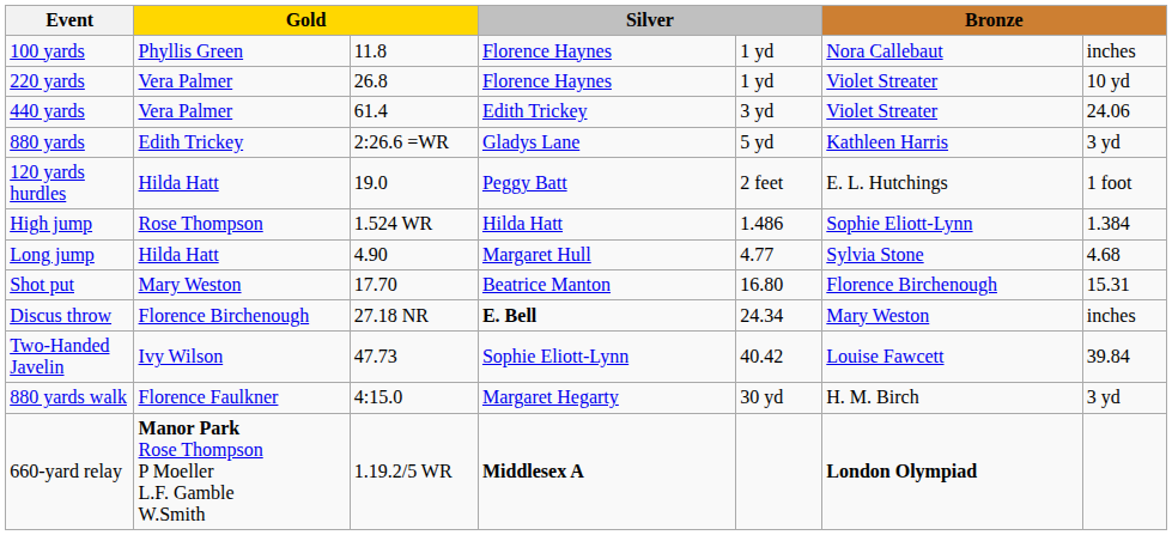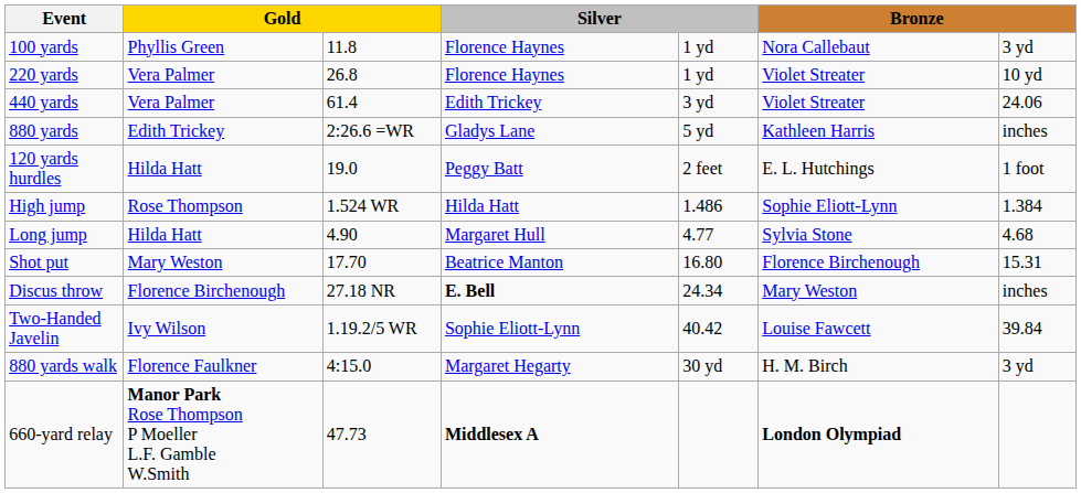 <table class="wikitable" style="text-align:left">
 <tr>
 <th width=100>Event</th>
 <th colspan="2" width="280" style="background:gold;">Gold</th>
 <th colspan="2" width="280" style="background:silver;">Silver</th>
 <th colspan="2" width="280" style="background:#CD7F32;">Bronze</th>
 </tr>
 <tr>
 <td><a href='#'>100 yards</a></td>
 <td><a href='#'>Phyllis Green</a></td>
 <td>11.8</td>
 <td><a href='#'>Florence Haynes</a></td>
 <td>1 yd</td>
 <td><a href='#'>Nora Callebaut</a></td>
-<td>inches</td>
+<td>3 yd</td>
 </tr>
 <tr>
 <td><a href='#'>220 yards</a></td>
 <td><a href='#'>Vera Palmer</a></td>
 <td>26.8</td>
 <td><a href='#'>Florence Haynes</a></td>
 <td>1 yd</td>
 <td><a href='#'>Violet Streater</a></td>
 <td>10 yd</td>
 </tr>
 <tr>
 <td><a href='#'>440 yards</a></td>
 <td><a href='#'>Vera Palmer</a></td>
 <td>61.4</td>
 <td><a href='#'>Edith Trickey</a></td>
 <td>3 yd</td>
 <td><a href='#'>Violet Streater</a></td>
 <td>24.06</td>
 </tr>
 <tr>
 <td><a href='#'>880 yards</a></td>
 <td><a href='#'>Edith Trickey</a></td>
 <td>2:26.6 =WR</td>
 <td><a href='#'>Gladys Lane</a></td>
 <td>5 yd</td>
 <td><a href='#'>Kathleen Harris</a></td>
-<td>3 yd</td>
+<td>inches</td>
 </tr>
 <tr>
 <td><a href='#'>120 yards hurdles</a></td>
 <td><a href='#'>Hilda Hatt</a></td>
 <td>19.0</td>
 <td><a href='#'>Peggy Batt</a></td>
 <td>2 feet</td>
 <td>E. L. Hutchings</td>
 <td>1 foot</td>
 </tr>
 <tr>
 <td><a href='#'>High jump</a></td>
 <td><a href='#'>Rose Thompson</a></td>
 <td>1.524 WR</td>
 <td><a href='#'>Hilda Hatt</a></td>
 <td>1.486</td>
 <td><a href='#'>Sophie Eliott-Lynn</a></td>
 <td>1.384</td>
 </tr>
 <tr>
 <td><a href='#'>Long jump</a></td>
 <td><a href='#'>Hilda Hatt</a></td>
 <td>4.90</td>
 <td><a href='#'>Margaret Hull</a></td>
 <td>4.77</td>
 <td><a href='#'>Sylvia Stone</a></td>
 <td>4.68</td>
 </tr>
 <tr>
 <td><a href='#'>Shot put</a></td>
 <td><a href='#'>Mary Weston</a></td>
 <td>17.70</td>
 <td><a href='#'>Beatrice Manton</a></td>
 <td>16.80</td>
 <td><a href='#'>Florence Birchenough</a></td>
 <td>15.31</td>
 </tr>
 <tr>
 <td><a href='#'>Discus throw</a></td>
 <td><a href='#'>Florence Birchenough</a></td>
 <td>27.18 NR</td>
 <td><strong>E. Bell</strong></td>
 <td>24.34</td>
 <td><a href='#'>Mary Weston</a></td>
 <td>inches</td>
 </tr>
 <tr>
 <td><a href='#'>Two-Handed Javelin</a></td>
 <td><a href='#'>Ivy Wilson</a></td>
-<td>47.73</td>
+<td>1.19.2/5 WR</td>
 <td><a href='#'>Sophie Eliott-Lynn</a></td>
 <td>40.42</td>
 <td><a href='#'>Louise Fawcett</a></td>
 <td>39.84</td>
 </tr>
 <tr>
 <td><a href='#'>880 yards walk</a></td>
 <td><a href='#'>Florence Faulkner</a></td>
 <td>4:15.0</td>
 <td><a href='#'>Margaret Hegarty</a></td>
 <td>30 yd</td>
 <td>H. M. Birch</td>
 <td>3 yd</td>
 </tr>
 <tr>
 <td>660-yard relay</td>
 <td><strong>Manor Park</strong><br><a href='#'>Rose Thompson</a><br> P Moeller<br> L.F. Gamble<br>W.Smith</td>
-<td>1.19.2/5 WR</td>
+<td>47.73</td>
 <td><strong>Middlesex A</strong></td>
 <td></td>
 <td><strong>London Olympiad</strong></td>
 <td></td>
 </tr>
 </table>
